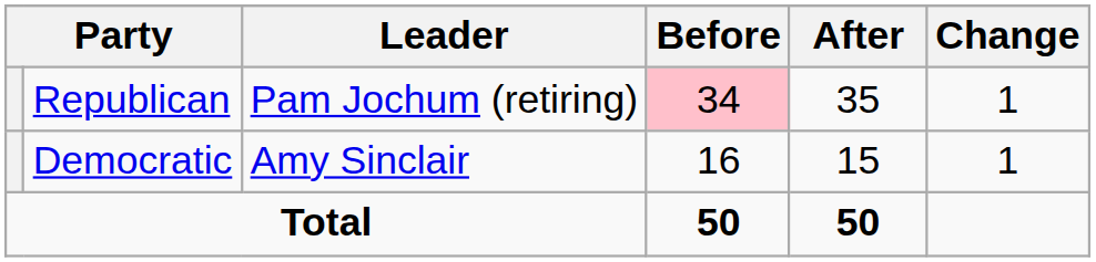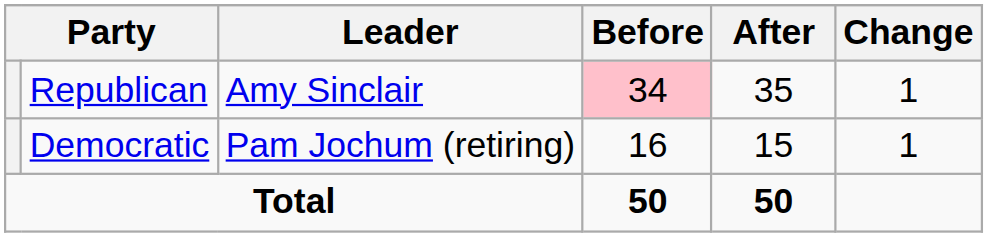 <table class="wikitable" style="text-align:center;">
 <tr>
 </tr>
 <tr>
 <th colspan="2">Party</th>
 <th>Leader</th>
 <th style="width:3em">Before</th>
 <th style="width:3em">After</th>
 <th style="width:3em">Change</th>
 </tr>
 <tr>
 <th style="background-color:"></th>
 <td style="text-align:left;"><a href='#'>Republican</a></td>
-<td style="text-align:left;"><a href='#'>Pam Jochum</a> (retiring)</td>
+<td style="text-align:left;"><a href='#'>Amy Sinclair</a></td>
 <td style="background: pink;">34</td>
 <td>35</td>
 <td> 1</td>
 </tr>
 <tr>
 <th style="background-color:"></th>
 <td style="text-align:left;"><a href='#'>Democratic</a></td>
-<td style="text-align:left;"><a href='#'>Amy Sinclair</a></td>
+<td style="text-align:left;"><a href='#'>Pam Jochum</a> (retiring)</td>
 <td>16</td>
 <td>15</td>
 <td> 1</td>
 </tr>
 <tr>
 <td colspan="3"><strong>Total</strong></td>
 <td><strong>50</strong></td>
 <td><strong>50</strong></td>
 <td></td>
 </tr>
 </table>
